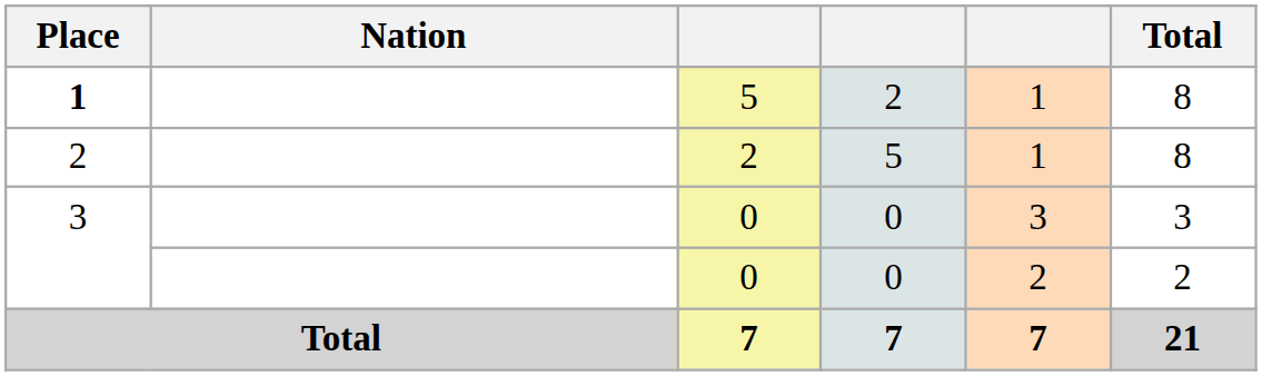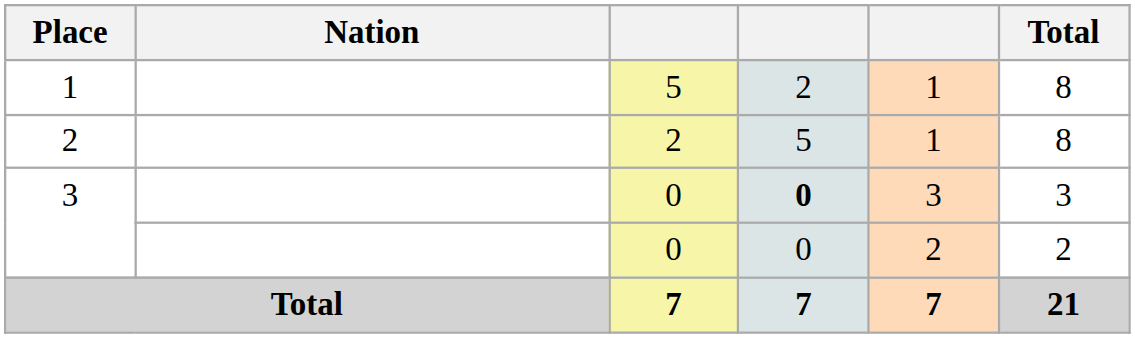 <table class=wikitable style="border:1px solid #AAAAAA;font-size:90%">
 <tr bgcolor="#EFEFEF">
 <th width=50>Place</th>
 <th width=200>Nation</th>
 <th width=50></th>
 <th width=50></th>
 <th width=50></th>
 <th width=50>Total</th>
 </tr>
 <tr align="center" valign="top" bgcolor="#FFFFFF">
-<td><strong>1</strong></td>
+<td>1</td>
 <td align="left"></td>
 <td style="background:#F7F6A8;">5</td>
 <td style="background:#DCE5E5;">2</td>
 <td style="background:#FFDAB9;">1</td>
 <td>8</td>
 </tr>
 <tr align="center" valign="top" bgcolor="#FFFFFF">
 <td>2</td>
 <td align="left"></td>
 <td style="background:#F7F6A8;">2</td>
 <td style="background:#DCE5E5;">5</td>
 <td style="background:#FFDAB9;">1</td>
 <td>8</td>
 </tr>
 <tr align="center" valign="top" bgcolor="#FFFFFF">
 <td rowspan="2" valign="center">3</td>
 <td align="left"></td>
 <td style="background:#F7F6A8;">0</td>
-<td style="background:#DCE5E5;">0</td>
+<td style="background:#DCE5E5;"><strong>0</strong></td>
 <td style="background:#FFDAB9;">3</td>
 <td>3</td>
 </tr>
 <tr align="center" valign="top" bgcolor="#FFFFFF">
 <td align="left"></td>
 <td style="background:#F7F6A8;">0</td>
 <td style="background:#DCE5E5;">0</td>
 <td style="background:#FFDAB9;">2</td>
 <td>2</td>
 </tr>
 <tr align="center">
 <td colspan="2" bgcolor=D3D3D3><strong>Total</strong></td>
 <td style="background:#F7F6A8;"><strong>7</strong></td>
 <td style="background:#DCE5E5;"><strong>7</strong></td>
 <td style="background:#FFDAB9;"><strong>7</strong></td>
 <td bgcolor=D3D3D3><strong>21</strong></td>
 </tr>
 </table>
